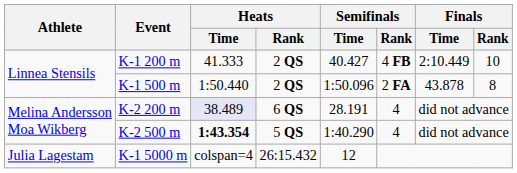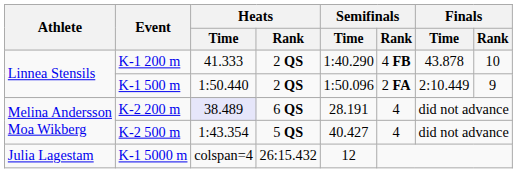 <table class="wikitable" style="font-size:90%">
 <tr>
 <th rowspan="2">Athlete</th>
 <th rowspan="2">Event</th>
 <th colspan=2>Heats</th>
 <th colspan=2>Semifinals</th>
 <th colspan=2>Finals</th>
 </tr>
 <tr style="font-size:95%">
 <th>Time</th>
 <th>Rank</th>
 <th>Time</th>
 <th>Rank</th>
 <th>Time</th>
 <th>Rank</th>
 </tr>
 <tr align=center>
 <td align=left rowspan=2><a href='#'>Linnea Stensils</a></td>
 <td align=left><a href='#'>K-1 200 m</a></td>
 <td>41.333</td>
 <td>2 <strong>QS</strong></td>
-<td>40.427</td>
+<td>1:40.290</td>
 <td>4 <strong>FB</strong></td>
-<td>2:10.449</td>
+<td>43.878</td>
 <td>10</td>
 </tr>
 <tr align=center>
 <td align=left><a href='#'>K-1 500 m</a></td>
 <td>1:50.440</td>
 <td>2 <strong>QS</strong></td>
 <td>1:50.096</td>
 <td>2 <strong>FA</strong></td>
-<td>43.878</td>
-<td>8</td>
+<td>2:10.449</td>
+<td>9</td>
 </tr>
 <tr align=center>
 <td align=left rowspan=2><a href='#'>Melina Andersson</a><br><a href='#'>Moa Wikberg</a></td>
 <td align=left><a href='#'>K-2 200 m</a></td>
 <td style="background: lavender;">38.489</td>
 <td>6 <strong>QS</strong></td>
 <td>28.191</td>
 <td>4</td>
 <td colspan=2>did not advance</td>
 </tr>
 <tr align=center>
 <td align=left><a href='#'>K-2 500 m</a></td>
-<td><strong>1:43.354</strong></td>
+<td>1:43.354</td>
 <td>5 <strong>QS</strong></td>
-<td>1:40.290</td>
+<td>40.427</td>
 <td>4</td>
 <td colspan=2>did not advance</td>
 </tr>
 <tr align=center>
 <td align=left><a href='#'>Julia Lagestam</a></td>
 <td align=left><a href='#'>K-1 5000 m</a></td>
 <td>colspan=4 </td>
 <td>26:15.432</td>
 <td>12</td>
 </tr>
 </table>
